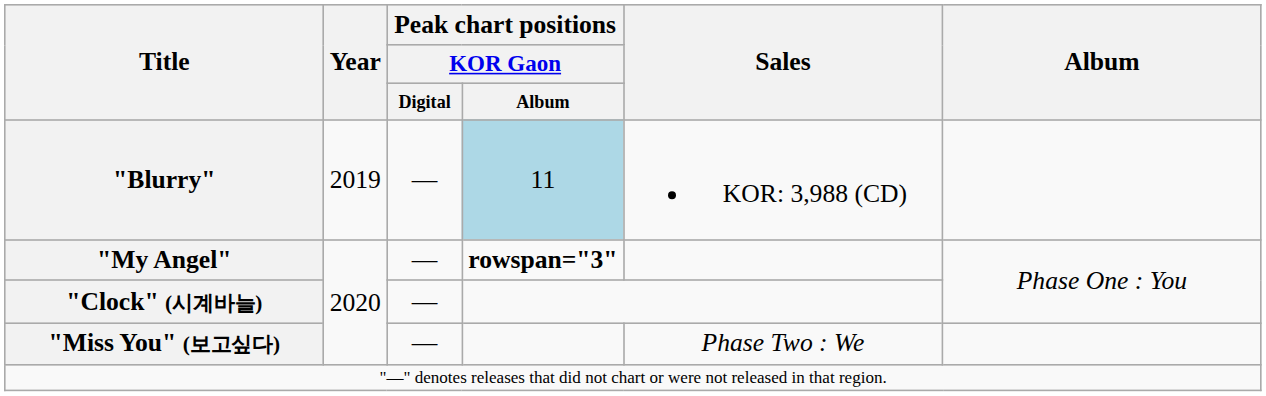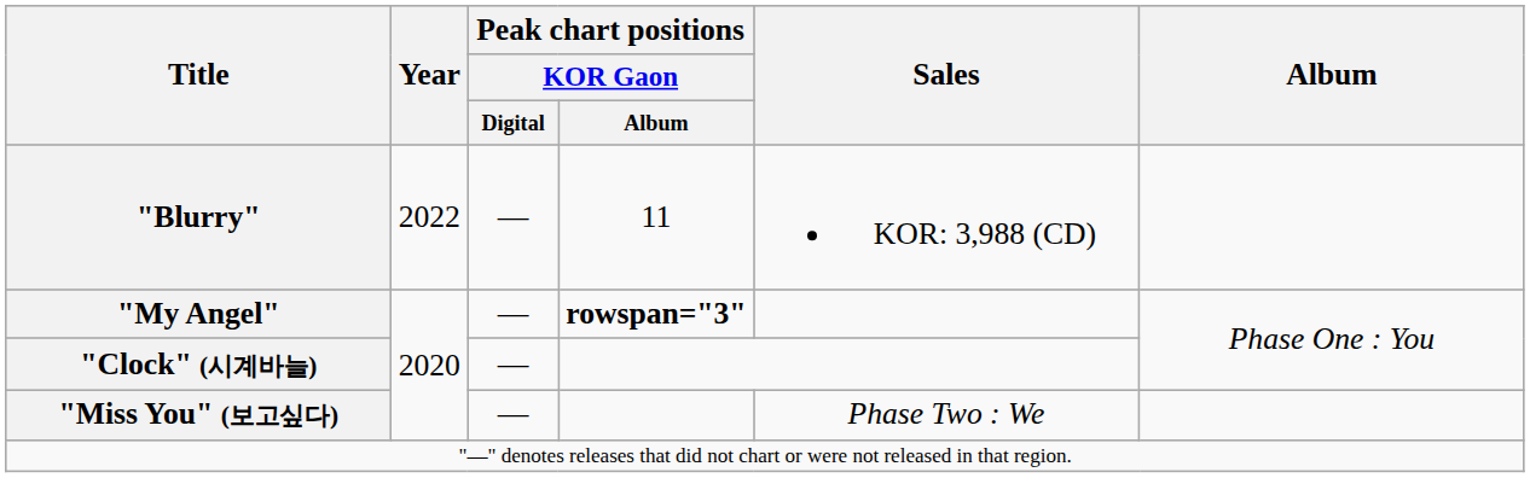 <table class="wikitable plainrowheaders" style="text-align:center">
 <tr>
 <th scope="col" rowspan="3" style="width:12em;">Title</th>
 <th scope="col" rowspan="3" style="width:2em;">Year</th>
 <th scope="col" colspan="2">Peak chart positions</th>
 <th scope="col" rowspan="3" style="width:12em;">Sales</th>
 <th scope="col" rowspan="3" style="width:12em;">Album</th>
 </tr>
 <tr>
 <th style="text-align:center; width:30px; font-size:90%;" colspan="2"><a href='#'>KOR Gaon</a></th>
 </tr>
 <tr>
 <th style="text-align:center; width:3em; font-size:85%;"><small>Digital</small></th>
 <th style="text-align:center; width:3em; font-size:85%;"><small>Album</small></th>
 </tr>
 <tr>
 <th scope="row">"Blurry"</th>
-<td>2019</td>
+<td>2022</td>
 <td>—</td>
-<td style="background: lightblue;">11</td>
+<td>11</td>
 <td><br><ul><li>KOR: 3,988 (CD)</li></ul></td>
 <td></td>
 </tr>
 <tr>
 <th scope="row">"My Angel"</th>
 <td rowspan="3">2020</td>
 <td>—</td>
 <td><strong>rowspan="3" </strong></td>
 <td></td>
 <td rowspan="2"><em>Phase One : You</em></td>
 </tr>
 <tr>
 <th scope="row">"Clock" <small>(시계바늘)</small></th>
 <td>—</td>
 </tr>
 <tr>
 <th scope="row">"Miss You" <small>(보고싶다)</small></th>
 <td>—</td>
 <td></td>
 <td><em>Phase Two : We</em></td>
 </tr>
 <tr>
 <td colspan="7" style="text-align:center; font-size:8pt;">"—" denotes releases that did not chart or were not released in that region.</td>
 </tr>
 </table>
